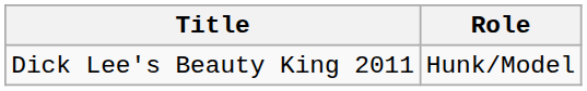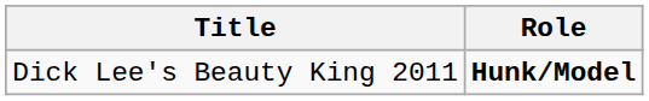 <table class="wikitable">
 <tr>
 <th>Title</th>
 <th>Role</th>
 </tr>
 <tr>
 <td>Dick Lee's Beauty King 2011</td>
-<td>Hunk/Model</td>
+<td><strong>Hunk/Model</strong></td>
 </tr>
 </table>
